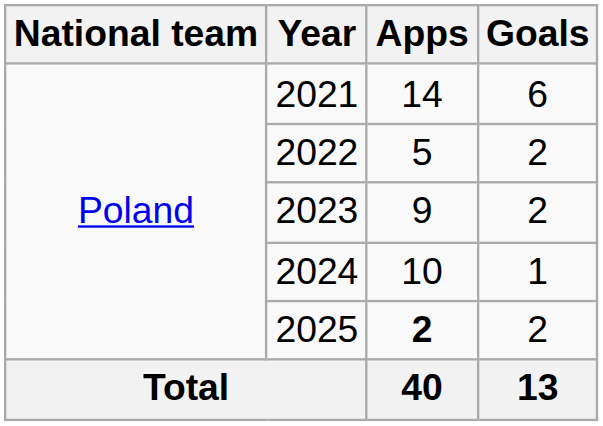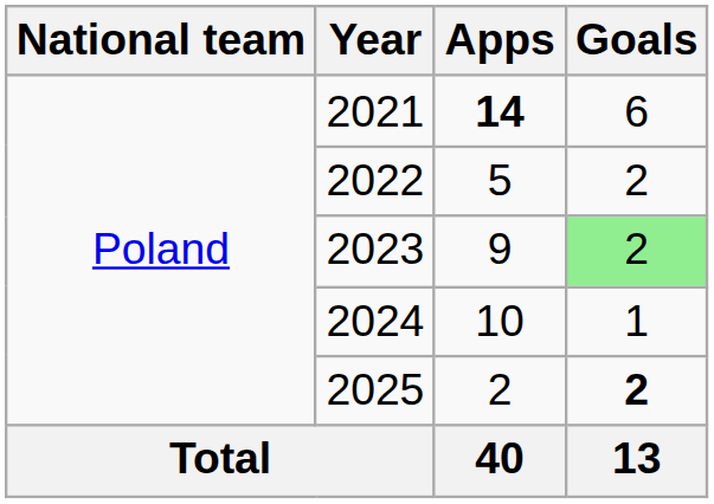 <table class="wikitable" style="text-align:center">
 <tr>
 <th>National team</th>
 <th>Year</th>
 <th>Apps</th>
 <th>Goals</th>
 </tr>
 <tr>
 <td rowspan="5"><a href='#'>Poland</a></td>
 <td>2021</td>
-<td>14</td>
+<td><strong>14</strong></td>
 <td>6</td>
 </tr>
 <tr>
 <td>2022</td>
 <td>5</td>
 <td>2</td>
 </tr>
 <tr>
 <td>2023</td>
 <td>9</td>
-<td>2</td>
+<td style="background: lightgreen;">2</td>
 </tr>
 <tr>
 <td>2024</td>
 <td>10</td>
 <td>1</td>
 </tr>
 <tr>
 <td>2025</td>
+<td>2</td>
 <td><strong>2</strong></td>
-<td>2</td>
 </tr>
 <tr>
 <th colspan="2">Total</th>
 <th>40</th>
 <th>13</th>
 </tr>
 </table>
